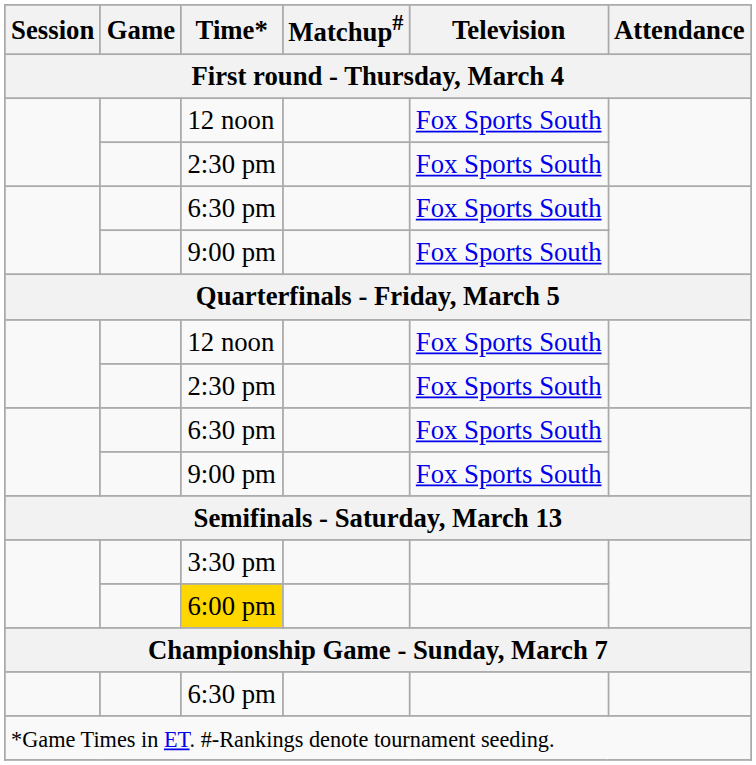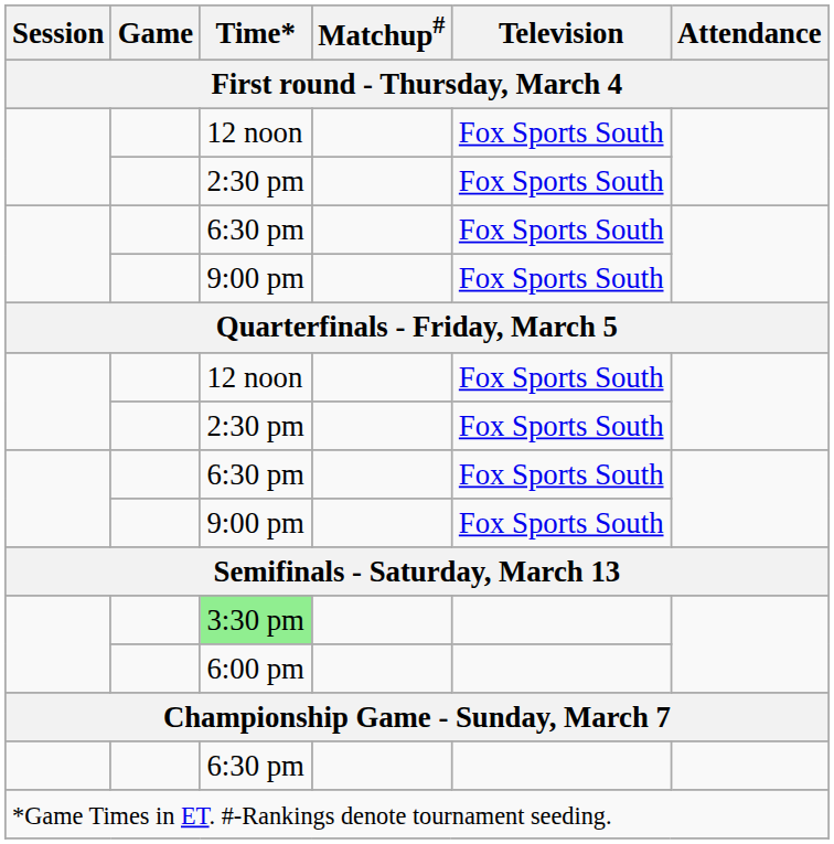 <table class="wikitable" style="font-size: 95%">
 <tr align="center">
 <th>Session</th>
 <th>Game</th>
 <th>Time*</th>
 <th>Matchup<sup>#</sup></th>
 <th>Television</th>
 <th>Attendance</th>
 </tr>
 <tr>
 <th colspan=7>First round - Thursday, March 4</th>
 </tr>
 <tr>
 <td rowspan=2></td>
 <td></td>
 <td>12 noon</td>
 <td></td>
 <td><a href='#'>Fox Sports South</a></td>
 <td rowspan=2></td>
 </tr>
 <tr>
 <td></td>
 <td>2:30 pm</td>
 <td></td>
 <td><a href='#'>Fox Sports South</a></td>
 </tr>
 <tr>
 <td rowspan=2></td>
 <td></td>
 <td>6:30 pm</td>
 <td></td>
 <td><a href='#'>Fox Sports South</a></td>
 <td rowspan=2></td>
 </tr>
 <tr>
 <td></td>
 <td>9:00 pm</td>
 <td></td>
 <td><a href='#'>Fox Sports South</a></td>
 </tr>
 <tr>
 <th colspan=7>Quarterfinals - Friday, March 5</th>
 </tr>
 <tr>
 <td rowspan=2></td>
 <td></td>
 <td>12 noon</td>
 <td></td>
 <td><a href='#'>Fox Sports South</a></td>
 <td rowspan=2></td>
 </tr>
 <tr>
 <td></td>
 <td>2:30 pm</td>
 <td></td>
 <td><a href='#'>Fox Sports South</a></td>
 </tr>
 <tr>
 <td rowspan=2></td>
 <td></td>
 <td>6:30 pm</td>
 <td></td>
 <td><a href='#'>Fox Sports South</a></td>
 <td rowspan=2></td>
 </tr>
 <tr>
 <td></td>
 <td>9:00 pm</td>
 <td></td>
 <td><a href='#'>Fox Sports South</a></td>
 </tr>
 <tr>
 <th colspan=7>Semifinals - Saturday, March 13</th>
 </tr>
 <tr>
 <td rowspan=2></td>
 <td></td>
-<td>3:30 pm</td>
+<td style="background: lightgreen;">3:30 pm</td>
 <td></td>
 <td></td>
 <td rowspan=2></td>
 </tr>
 <tr>
 <td></td>
-<td style="background: gold;">6:00 pm</td>
+<td>6:00 pm</td>
 <td></td>
 <td></td>
 </tr>
 <tr>
 <th colspan=7>Championship Game - Sunday, March 7</th>
 </tr>
 <tr>
 <td></td>
 <td></td>
 <td>6:30 pm</td>
 <td></td>
 <td></td>
 <td></td>
 </tr>
 <tr>
 <td colspan=6><small>*Game Times in <a href='#'>ET</a>. #-Rankings denote tournament seeding.</small></td>
 </tr>
 </table>
